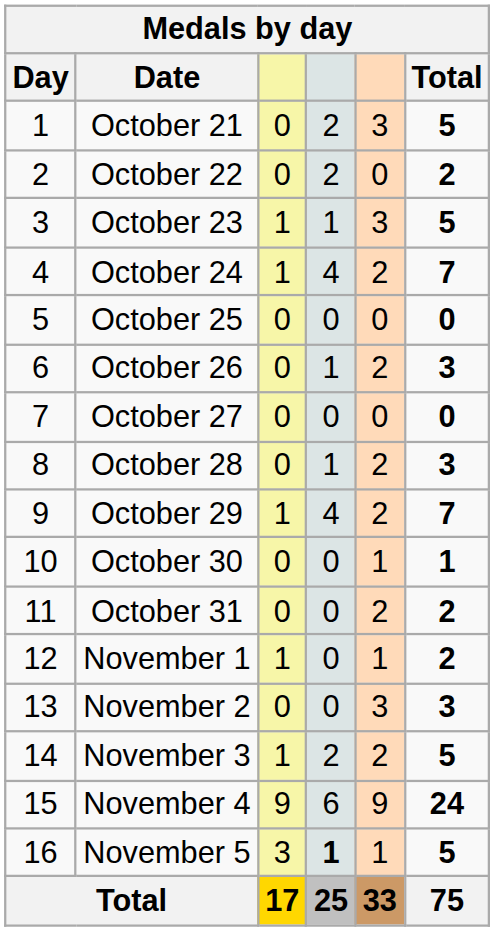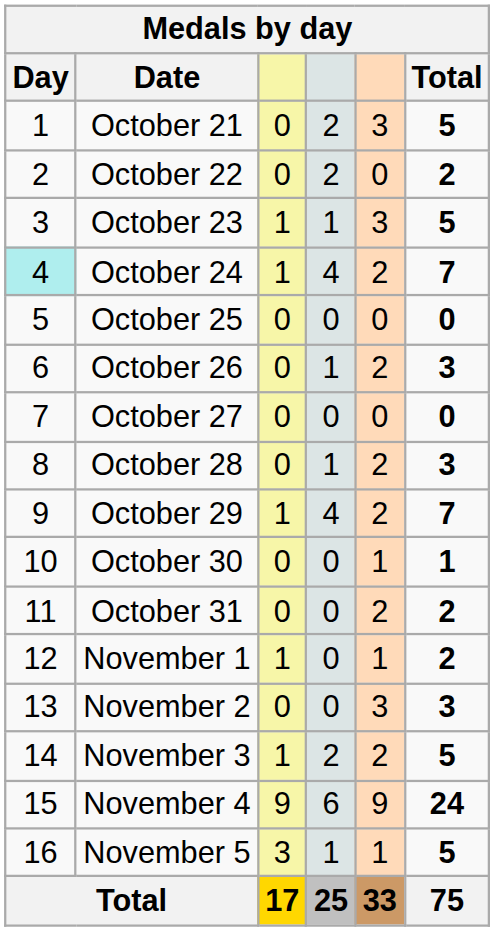 <table class=wikitable style="font-size:85%; float:right; text-align:center">
 <tr>
 <th colspan=6>Medals by day</th>
 </tr>
 <tr>
 <th>Day</th>
 <th>Date</th>
 <td bgcolor=F7F6A8></td>
 <td bgcolor=DCE5E5></td>
 <td bgcolor=FFDAB9></td>
 <th>Total</th>
 </tr>
 <tr>
 <td>1</td>
 <td>October 21</td>
 <td bgcolor=F7F6A8>0</td>
 <td bgcolor=DCE5E5>2</td>
 <td bgcolor=FFDAB9>3</td>
 <td><strong>5</strong></td>
 </tr>
 <tr>
 <td>2</td>
 <td>October 22</td>
 <td bgcolor=F7F6A8>0</td>
 <td bgcolor=DCE5E5>2</td>
 <td bgcolor=FFDAB9>0</td>
 <td><strong>2</strong></td>
 </tr>
 <tr>
 <td>3</td>
 <td>October 23</td>
 <td bgcolor=F7F6A8>1</td>
 <td bgcolor=DCE5E5>1</td>
 <td bgcolor=FFDAB9>3</td>
 <td><strong>5</strong></td>
 </tr>
 <tr>
-<td>4</td>
+<td style="background: paleturquoise;">4</td>
 <td>October 24</td>
 <td bgcolor=F7F6A8>1</td>
 <td bgcolor=DCE5E5>4</td>
 <td bgcolor=FFDAB9>2</td>
 <td><strong>7</strong></td>
 </tr>
 <tr>
 <td>5</td>
 <td>October 25</td>
 <td bgcolor=F7F6A8>0</td>
 <td bgcolor=DCE5E5>0</td>
 <td bgcolor=FFDAB9>0</td>
 <td><strong>0</strong></td>
 </tr>
 <tr>
 <td>6</td>
 <td>October 26</td>
 <td bgcolor=F7F6A8>0</td>
 <td bgcolor=DCE5E5>1</td>
 <td bgcolor=FFDAB9>2</td>
 <td><strong>3</strong></td>
 </tr>
 <tr>
 <td>7</td>
 <td>October 27</td>
 <td bgcolor=F7F6A8>0</td>
 <td bgcolor=DCE5E5>0</td>
 <td bgcolor=FFDAB9>0</td>
 <td><strong>0</strong></td>
 </tr>
 <tr>
 <td>8</td>
 <td>October 28</td>
 <td bgcolor=F7F6A8>0</td>
 <td bgcolor=DCE5E5>1</td>
 <td bgcolor=FFDAB9>2</td>
 <td><strong>3</strong></td>
 </tr>
 <tr>
 <td>9</td>
 <td>October 29</td>
 <td bgcolor=F7F6A8>1</td>
 <td bgcolor=DCE5E5>4</td>
 <td bgcolor=FFDAB9>2</td>
 <td><strong>7</strong></td>
 </tr>
 <tr>
 <td>10</td>
 <td>October 30</td>
 <td bgcolor=F7F6A8>0</td>
 <td bgcolor=DCE5E5>0</td>
 <td bgcolor=FFDAB9>1</td>
 <td><strong>1</strong></td>
 </tr>
 <tr>
 <td>11</td>
 <td>October 31</td>
 <td bgcolor=F7F6A8>0</td>
 <td bgcolor=DCE5E5>0</td>
 <td bgcolor=FFDAB9>2</td>
 <td><strong>2</strong></td>
 </tr>
 <tr>
 <td>12</td>
 <td>November 1</td>
 <td bgcolor=F7F6A8>1</td>
 <td bgcolor=DCE5E5>0</td>
 <td bgcolor=FFDAB9>1</td>
 <td><strong>2</strong></td>
 </tr>
 <tr>
 <td>13</td>
 <td>November 2</td>
 <td bgcolor=F7F6A8>0</td>
 <td bgcolor=DCE5E5>0</td>
 <td bgcolor=FFDAB9>3</td>
 <td><strong>3</strong></td>
 </tr>
 <tr>
 <td>14</td>
 <td>November 3</td>
 <td bgcolor=F7F6A8>1</td>
 <td bgcolor=DCE5E5>2</td>
 <td bgcolor=FFDAB9>2</td>
 <td><strong>5</strong></td>
 </tr>
 <tr>
 <td>15</td>
 <td>November 4</td>
 <td bgcolor=F7F6A8>9</td>
 <td bgcolor=DCE5E5>6</td>
 <td bgcolor=FFDAB9>9</td>
 <td><strong>24</strong></td>
 </tr>
 <tr>
 <td>16</td>
 <td>November 5</td>
 <td bgcolor=F7F6A8>3</td>
-<td bgcolor=DCE5E5><strong>1</strong></td>
+<td bgcolor=DCE5E5>1</td>
 <td bgcolor=FFDAB9>1</td>
 <td><strong>5</strong></td>
 </tr>
 <tr>
 <th colspan=2>Total</th>
 <th style=background:gold>17</th>
 <th style=background:silver>25</th>
 <th style=background:#c96>33</th>
 <th>75</th>
 </tr>
 </table>
